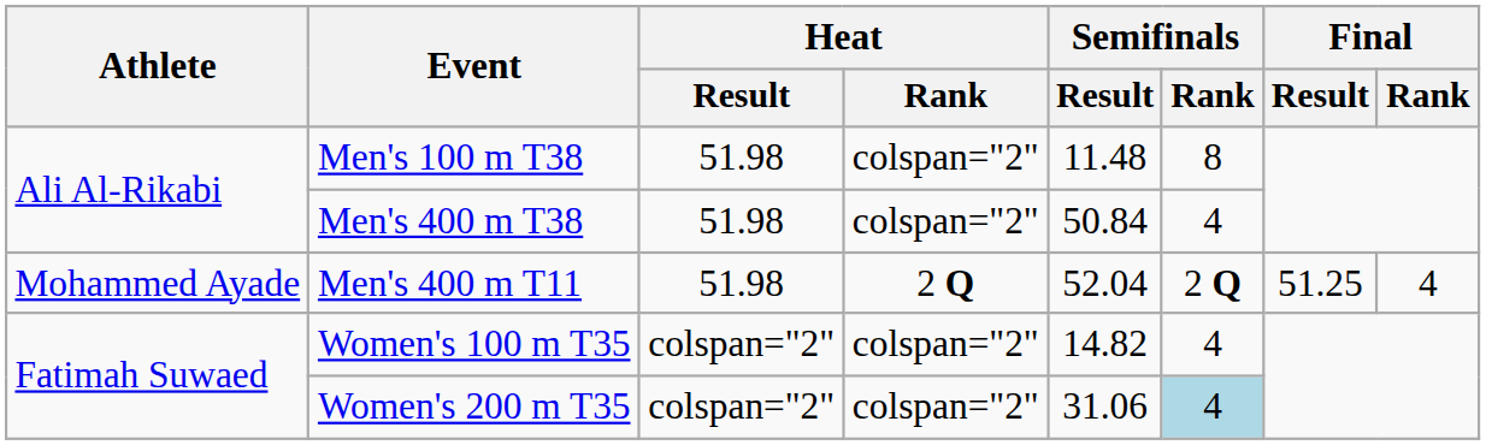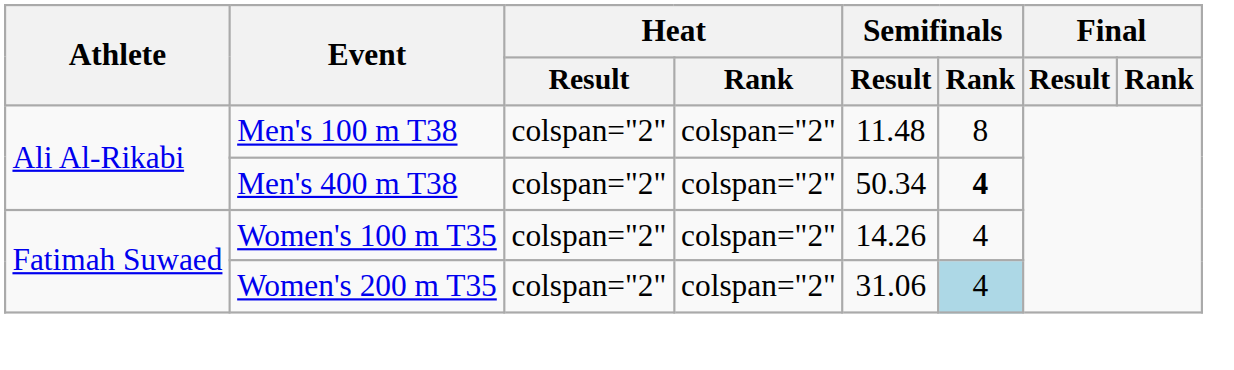 <table class="wikitable" style="font-size:90%">
 <tr>
 <th rowspan="2">Athlete</th>
 <th rowspan="2">Event</th>
 <th colspan="2">Heat</th>
 <th colspan="2">Semifinals</th>
 <th colspan="2">Final</th>
 </tr>
 <tr style="font-size:95%">
 <th>Result</th>
 <th>Rank</th>
 <th>Result</th>
 <th>Rank</th>
 <th>Result</th>
 <th>Rank</th>
 </tr>
 <tr align=center>
 <td align=left rowspan=2><a href='#'>Ali Al-Rikabi</a></td>
 <td align=left><a href='#'>Men's 100 m T38</a></td>
-<td align=center>51.98</td>
+<td>colspan="2" </td>
 <td>colspan="2" </td>
 <td>11.48</td>
 <td>8</td>
 </tr>
 <tr align=center>
 <td align=left><a href='#'>Men's 400 m T38</a></td>
-<td align=center>51.98</td>
 <td>colspan="2" </td>
-<td>50.84</td>
-<td>4</td>
-</tr>
-<tr align=center>
-<td align=left><a href='#'>Mohammed Ayade</a></td>
-<td align=left><a href='#'>Men's 400 m T11</a></td>
-<td align=center>51.98</td>
-<td align=center>2 <strong>Q</strong></td>
-<td align=center>52.04</td>
-<td align=center>2 <strong>Q</strong></td>
-<td>51.25</td>
-<td>4</td>
+<td>colspan="2" </td>
+<td>50.34</td>
+<td><strong>4</strong></td>
 </tr>
 <tr align=center>
 <td align=left rowspan=2><a href='#'>Fatimah Suwaed</a></td>
 <td align=left><a href='#'>Women's 100 m T35</a></td>
 <td>colspan="2" </td>
 <td>colspan="2" </td>
-<td>14.82</td>
+<td>14.26</td>
 <td>4</td>
 </tr>
 <tr align=center>
 <td align=left><a href='#'>Women's 200 m T35</a></td>
 <td>colspan="2" </td>
 <td>colspan="2" </td>
 <td>31.06</td>
 <td style="background: lightblue;">4</td>
 </tr>
 </table>
